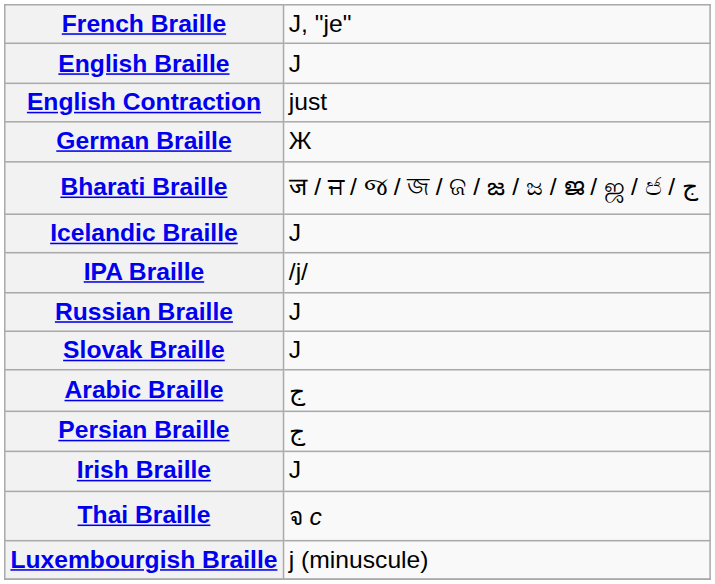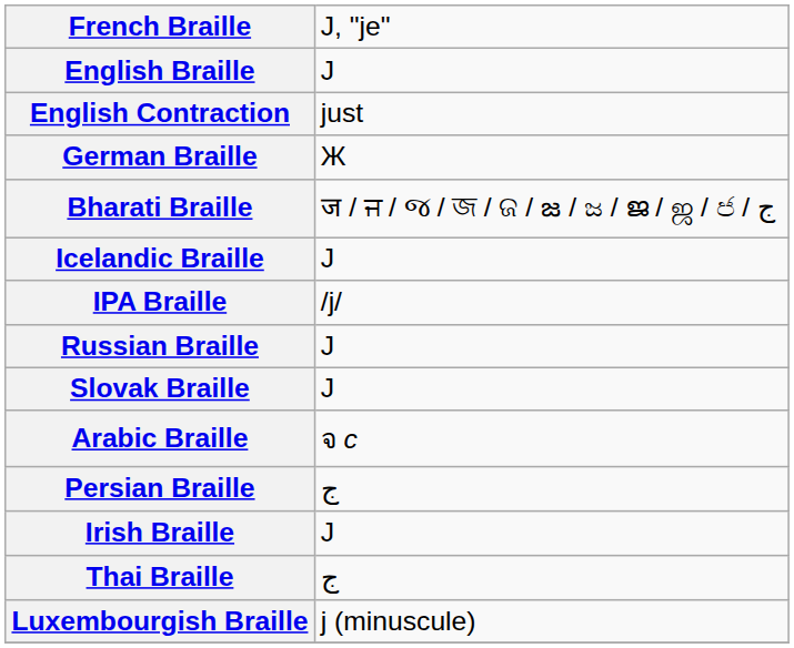 <table class="wikitable">
 <tr>
 <th align=left><a href='#'>French Braille</a></th>
 <td>J, "je"</td>
 </tr>
 <tr>
 <th align=left><a href='#'>English Braille</a></th>
 <td>J</td>
 </tr>
 <tr>
 <th align=left><a href='#'>English Contraction</a></th>
 <td>just</td>
 </tr>
 <tr>
 <th align=left><a href='#'>German Braille</a></th>
 <td>Ж</td>
 </tr>
 <tr>
 <th align=left><a href='#'>Bharati Braille</a></th>
 <td>ज / ਜ / જ / জ / ଜ / జ / ಜ / ജ / ஜ / ජ / ج ‎</td>
 </tr>
 <tr>
 <th align=left><a href='#'>Icelandic Braille</a></th>
 <td>J</td>
 </tr>
 <tr>
 <th align=left><a href='#'>IPA Braille</a></th>
 <td>/j/</td>
 </tr>
 <tr>
 <th align=left><a href='#'>Russian Braille</a></th>
 <td>J</td>
 </tr>
 <tr>
 <th align=left><a href='#'>Slovak Braille</a></th>
 <td>J</td>
 </tr>
 <tr>
 <th align=left><a href='#'>Arabic Braille</a></th>
-<td>ج</td>
+<td>จ <em>c</em></td>
 </tr>
 <tr>
 <th align=left><a href='#'>Persian Braille</a></th>
 <td>ج</td>
 </tr>
 <tr>
 <th align=left><a href='#'>Irish Braille</a></th>
 <td>J</td>
 </tr>
 <tr>
 <th align=left><a href='#'>Thai Braille</a></th>
-<td>จ <em>c</em></td>
+<td>ج</td>
 </tr>
 <tr>
 <th align=left><a href='#'>Luxembourgish Braille</a></th>
 <td>j (minuscule)</td>
 </tr>
 <tr>
 </tr>
 </table>
